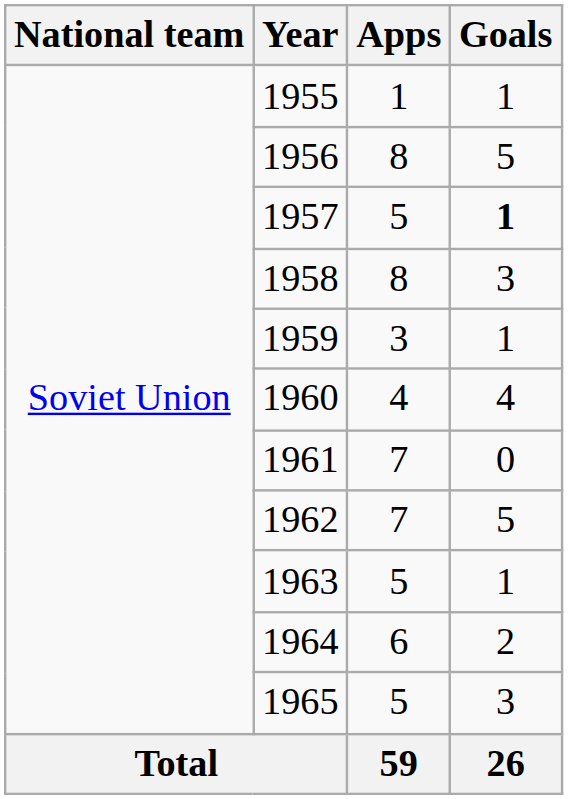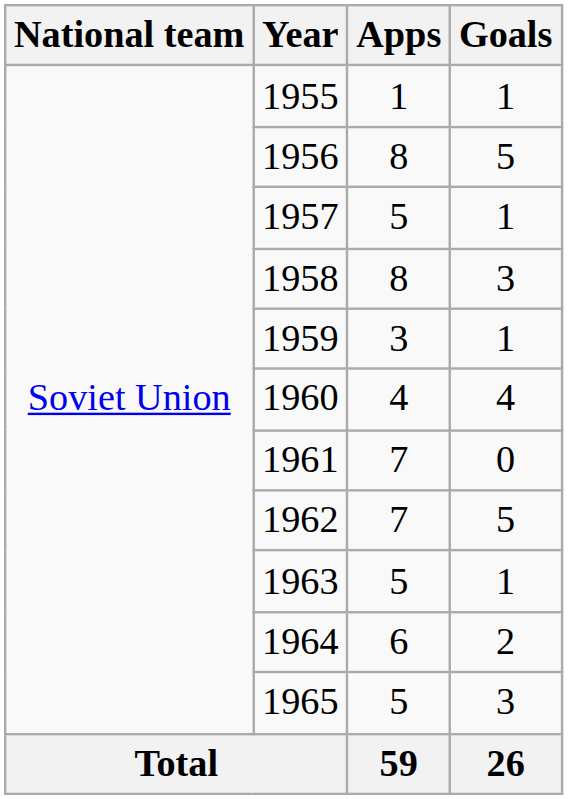 <table class="wikitable" style="text-align:center">
 <tr>
 <th>National team</th>
 <th>Year</th>
 <th>Apps</th>
 <th>Goals</th>
 </tr>
 <tr>
 <td rowspan="11"><a href='#'>Soviet Union</a></td>
 <td>1955</td>
 <td>1</td>
 <td>1</td>
 </tr>
 <tr>
 <td>1956</td>
 <td>8</td>
 <td>5</td>
 </tr>
 <tr>
 <td>1957</td>
 <td>5</td>
-<td><strong>1</strong></td>
+<td>1</td>
 </tr>
 <tr>
 <td>1958</td>
 <td>8</td>
 <td>3</td>
 </tr>
 <tr>
 <td>1959</td>
 <td>3</td>
 <td>1</td>
 </tr>
 <tr>
 <td>1960</td>
 <td>4</td>
 <td>4</td>
 </tr>
 <tr>
 <td>1961</td>
 <td>7</td>
 <td>0</td>
 </tr>
 <tr>
 <td>1962</td>
 <td>7</td>
 <td>5</td>
 </tr>
 <tr>
 <td>1963</td>
 <td>5</td>
 <td>1</td>
 </tr>
 <tr>
 <td>1964</td>
 <td>6</td>
 <td>2</td>
 </tr>
 <tr>
 <td>1965</td>
 <td>5</td>
 <td>3</td>
 </tr>
 <tr>
 <th colspan="2">Total</th>
 <th>59</th>
 <th>26</th>
 </tr>
 </table>
